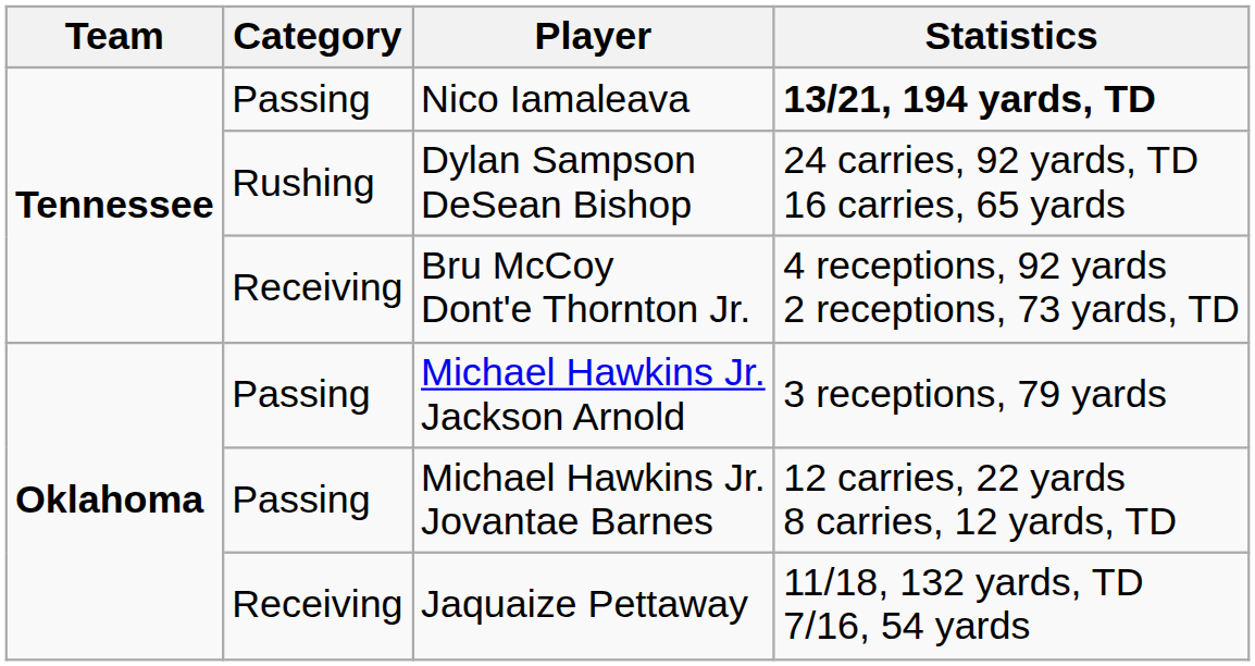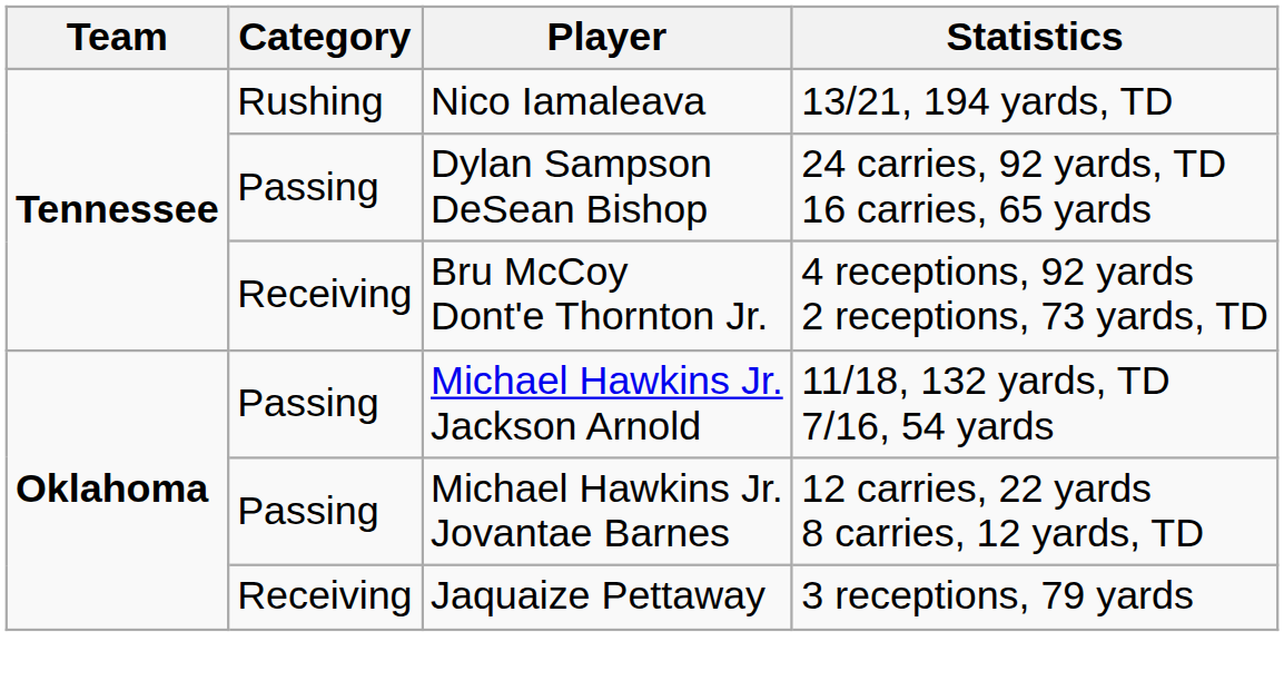 <table class="wikitable" style="float: right;">
 <tr>
 <th>Team</th>
 <th>Category</th>
 <th>Player</th>
 <th>Statistics</th>
 </tr>
 <tr>
 <td rowspan=3><strong>Tennessee</strong></td>
-<td>Passing</td>
+<td>Rushing</td>
 <td>Nico Iamaleava</td>
-<td><strong>13/21, 194 yards, TD</strong></td>
+<td>13/21, 194 yards, TD</td>
 </tr>
 <tr>
-<td>Rushing</td>
+<td>Passing</td>
 <td>Dylan Sampson<br>DeSean Bishop</td>
 <td>24 carries, 92 yards, TD<br>16 carries, 65 yards</td>
 </tr>
 <tr>
 <td>Receiving</td>
 <td>Bru McCoy<br>Dont'e Thornton Jr.</td>
 <td>4 receptions, 92 yards<br>2 receptions, 73 yards, TD</td>
 </tr>
 <tr>
 <td rowspan=3><strong>Oklahoma</strong></td>
 <td>Passing</td>
 <td><a href='#'>Michael Hawkins Jr.</a><br>Jackson Arnold</td>
-<td>3 receptions, 79 yards</td>
+<td>11/18, 132 yards, TD<br>7/16, 54 yards</td>
 </tr>
 <tr>
 <td>Passing</td>
 <td>Michael Hawkins Jr.<br>Jovantae Barnes</td>
 <td>12 carries, 22 yards<br>8 carries, 12 yards, TD</td>
 </tr>
 <tr>
 <td>Receiving</td>
 <td>Jaquaize Pettaway</td>
-<td>11/18, 132 yards, TD<br>7/16, 54 yards</td>
+<td>3 receptions, 79 yards</td>
 </tr>
 </table>
